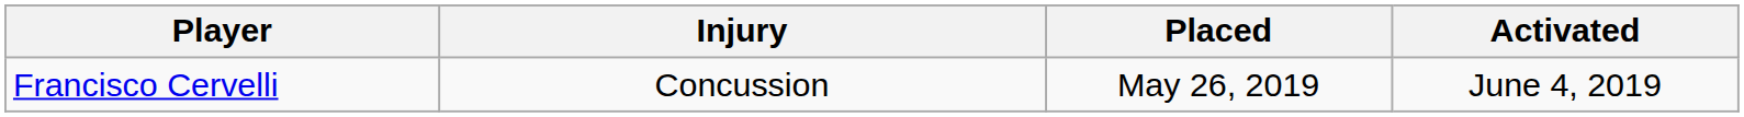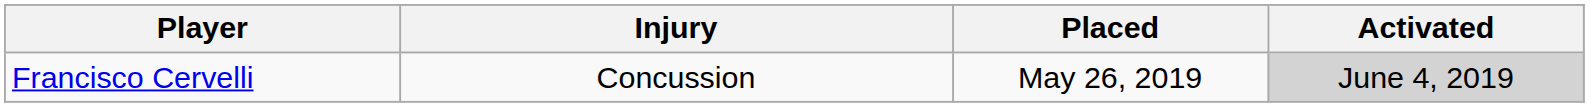 <table class="wikitable" style="width:52em; border:0; text-align:center;">
 <tr>
 <th width=25%>Player</th>
 <th width=35% class=unsortable>Injury</th>
 <th width=20% class=unsortable>Placed</th>
 <th width=20% class=unsortable>Activated</th>
 </tr>
 <tr>
 <td align=left><a href='#'>Francisco Cervelli</a></td>
 <td>Concussion</td>
 <td>May 26, 2019</td>
-<td>June 4, 2019</td>
+<td style="background: lightgrey;">June 4, 2019</td>
 </tr>
 <tr>
 </tr>
 </table>
